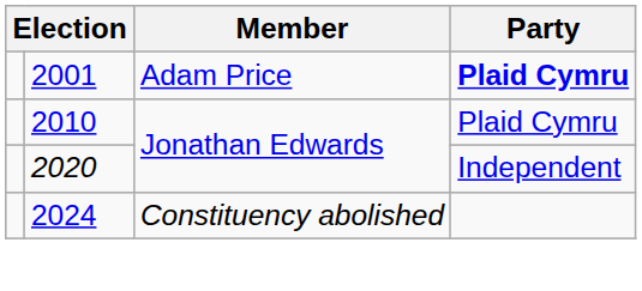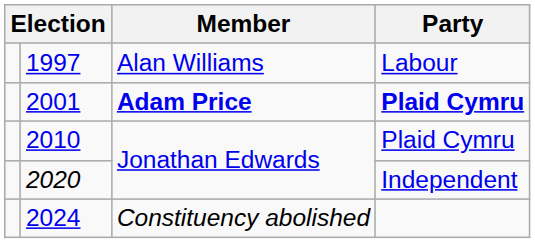 <table class="wikitable">
 <tr>
 <th colspan="2">Election</th>
 <th>Member</th>
 <th>Party</th>
 </tr>
 <tr>
 <td style="color:inherit;background-color: "></td>
+<td><a href='#'>1997</a></td>
+<td><a href='#'>Alan Williams</a></td>
+<td><a href='#'>Labour</a></td>
+</tr>
+<tr>
+<td style="color:inherit;background-color: "></td>
 <td><a href='#'>2001</a></td>
-<td><a href='#'>Adam Price</a></td>
+<td><strong><a href='#'>Adam Price</a></strong></td>
 <td><strong><a href='#'>Plaid Cymru</a></strong></td>
 </tr>
 <tr>
 <td style="color:inherit;background-color: "></td>
 <td><a href='#'>2010</a></td>
 <td rowspan="2"><a href='#'>Jonathan Edwards</a></td>
 <td><a href='#'>Plaid Cymru</a></td>
 </tr>
 <tr>
 <td style="color:inherit;background-color: "></td>
 <td><em>2020</em></td>
 <td><a href='#'>Independent</a></td>
 </tr>
 <tr>
 <td></td>
 <td><a href='#'>2024</a></td>
 <td rowspan="2"><em>Constituency abolished</em></td>
 </tr>
 </table>
